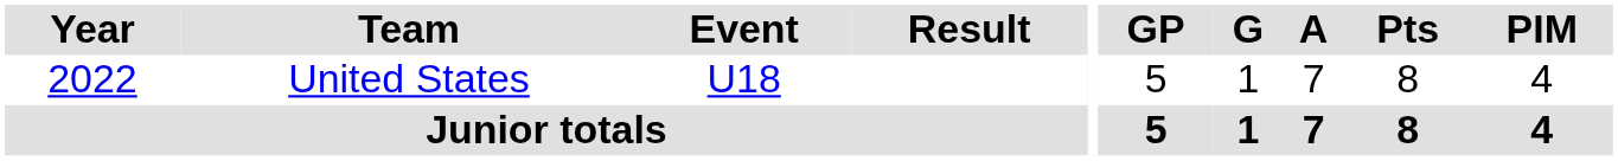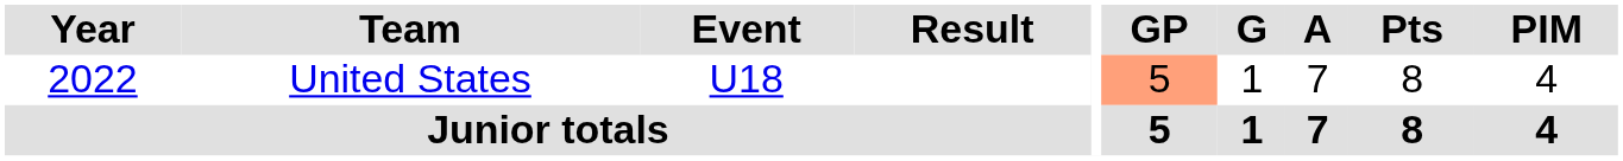 <table border="0" cellpadding="1" cellspacing="0" ID="Table3" style="text-align:center; width:40em">
 <tr ALIGN="center" bgcolor="#e0e0e0">
 <th>Year</th>
 <th>Team</th>
 <th>Event</th>
 <th>Result</th>
 <th rowspan="99" bgcolor="#ffffff"></th>
 <th>GP</th>
 <th>G</th>
 <th>A</th>
 <th>Pts</th>
 <th>PIM</th>
 </tr>
 <tr>
 <td><a href='#'>2022</a></td>
 <td><a href='#'>United States</a></td>
 <td><a href='#'>U18</a></td>
 <td></td>
-<td>5</td>
+<td style="background: lightsalmon;">5</td>
 <td>1</td>
 <td>7</td>
 <td>8</td>
 <td>4</td>
 </tr>
 <tr bgcolor="#e0e0e0">
 <th colspan="4">Junior totals</th>
 <th>5</th>
 <th>1</th>
 <th>7</th>
 <th>8</th>
 <th>4</th>
 </tr>
 </table>
